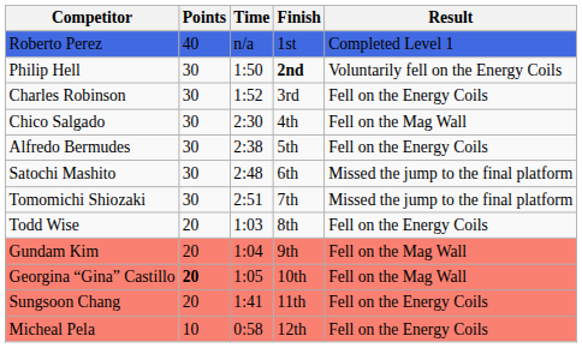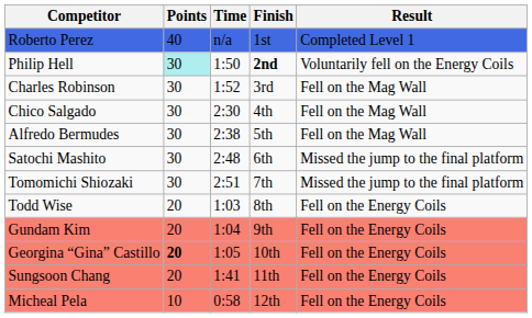 <table class="wikitable sortable">
 <tr>
 <th>Competitor</th>
 <th>Points</th>
 <th>Time</th>
 <th>Finish</th>
 <th>Result</th>
 </tr>
 <tr style="background:royalblue;">
 <td> Roberto Perez</td>
 <td>40</td>
 <td>n/a</td>
 <td>1st</td>
 <td>Completed Level 1</td>
 </tr>
 <tr>
 <td> Philip Hell</td>
-<td>30</td>
+<td style="background: paleturquoise;">30</td>
 <td>1:50</td>
 <td><strong>2nd</strong></td>
 <td>Voluntarily fell on the Energy Coils</td>
 </tr>
 <tr>
 <td> Charles Robinson</td>
 <td>30</td>
 <td>1:52</td>
 <td>3rd</td>
-<td>Fell on the Energy Coils</td>
+<td>Fell on the Mag Wall</td>
 </tr>
 <tr>
 <td> Chico Salgado</td>
 <td>30</td>
 <td>2:30</td>
 <td>4th</td>
 <td>Fell on the Mag Wall</td>
 </tr>
 <tr>
 <td> Alfredo Bermudes</td>
 <td>30</td>
 <td>2:38</td>
 <td>5th</td>
-<td>Fell on the Energy Coils</td>
+<td>Fell on the Mag Wall</td>
 </tr>
 <tr>
 <td> Satochi Mashito</td>
 <td>30</td>
 <td>2:48</td>
 <td>6th</td>
 <td>Missed the jump to the final platform</td>
 </tr>
 <tr>
 <td> Tomomichi Shiozaki</td>
 <td>30</td>
 <td>2:51</td>
 <td>7th</td>
 <td>Missed the jump to the final platform</td>
 </tr>
 <tr>
 <td> Todd Wise</td>
 <td>20</td>
 <td>1:03</td>
 <td>8th</td>
 <td>Fell on the Energy Coils</td>
 </tr>
 <tr style="background-color:#fa8072">
 <td> Gundam Kim</td>
 <td>20</td>
 <td>1:04</td>
 <td>9th</td>
-<td>Fell on the Mag Wall</td>
+<td>Fell on the Energy Coils</td>
 </tr>
 <tr style="background-color:#fa8072">
 <td> Georgina “Gina” Castillo</td>
 <td><strong>20</strong></td>
 <td>1:05</td>
 <td>10th</td>
-<td>Fell on the Mag Wall</td>
+<td>Fell on the Energy Coils</td>
 </tr>
 <tr style="background-color:#fa8072">
 <td> Sungsoon Chang</td>
 <td>20</td>
 <td>1:41</td>
 <td>11th</td>
 <td>Fell on the Energy Coils</td>
 </tr>
 <tr style="background-color:#fa8072">
 <td> Micheal Pela</td>
 <td>10</td>
 <td>0:58</td>
 <td>12th</td>
 <td>Fell on the Energy Coils</td>
 </tr>
 </table>
